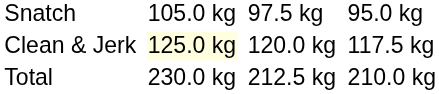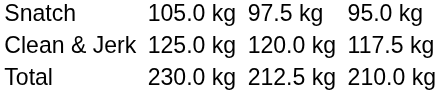 <table>
 <tr>
 <td>Snatch</td>
 <td></td>
 <td>105.0 kg</td>
 <td></td>
 <td>97.5 kg</td>
 <td></td>
 <td>95.0 kg</td>
 </tr>
 <tr>
 <td>Clean & Jerk</td>
 <td></td>
-<td style="background: lightyellow;">125.0 kg</td>
+<td>125.0 kg</td>
 <td></td>
 <td>120.0 kg</td>
 <td></td>
 <td>117.5 kg</td>
 </tr>
 <tr>
 <td>Total</td>
 <td></td>
 <td>230.0 kg</td>
 <td></td>
 <td>212.5 kg</td>
 <td></td>
 <td>210.0 kg</td>
 </tr>
 </table>
